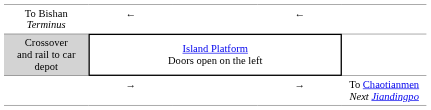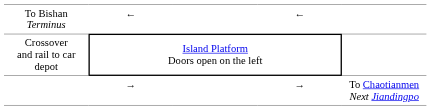 <table table border=0 cellspacing=0 cellpadding=4>
 <tr>
 <td style="border-top:solid 1px gray;" width=120 valign=top align=center>To  Bishan<br><em>Terminus</em></td>
 <td style="border-top:solid 1px gray;" width=120 valign=top align=center>←</td>
 <th style="border-top:solid 1px gray;" width=120 valign=top align=center><br></th>
 <td style="border-top:solid 1px gray;" width=120 valign=top align=center>←</td>
 <td style="border-top:solid 1px gray;" width=120 valign=top align=center></td>
 </tr>
 <tr>
-<td style="background: lightgrey; border-top:solid 1px gray;border-bottom:solid 1px gray;" width=120 valign=top align=center>Crossover<br>and rail to car depot</td>
+<td style="border-top:solid 1px gray;border-bottom:solid 1px gray;" width=120 valign=top align=center>Crossover<br>and rail to car depot</td>
 <td style="border-top:solid 2px black;border-right:solid 2px black;border-left:solid 2px black;border-bottom:solid 2px black;" colspan=3 align=center><a href='#'>Island Platform</a><br>Doors open on the left</td>
 <td style="border-top:solid 1px gray;border-bottom:solid 1px gray;" width=120 valign=top align=center></td>
 <td></td>
 </tr>
 <tr>
 <td style="border-bottom:solid 1px gray;" valign=top align=center></td>
 <td style="border-bottom:solid 1px gray;" width=120 valign=top align=center>→</td>
 <th style="border-bottom:solid 1px gray;" colspan=1 valign=top align=center><br></th>
 <td style="border-bottom:solid 1px gray;" width=120 valign=top align=center>→</td>
 <td style="border-bottom:solid 1px gray;"  valign=top align=center>To  <a href='#'>Chaotianmen</a><br><em>Next <a href='#'>Jiandingpo</a></em></td>
 </tr>
 </table>
